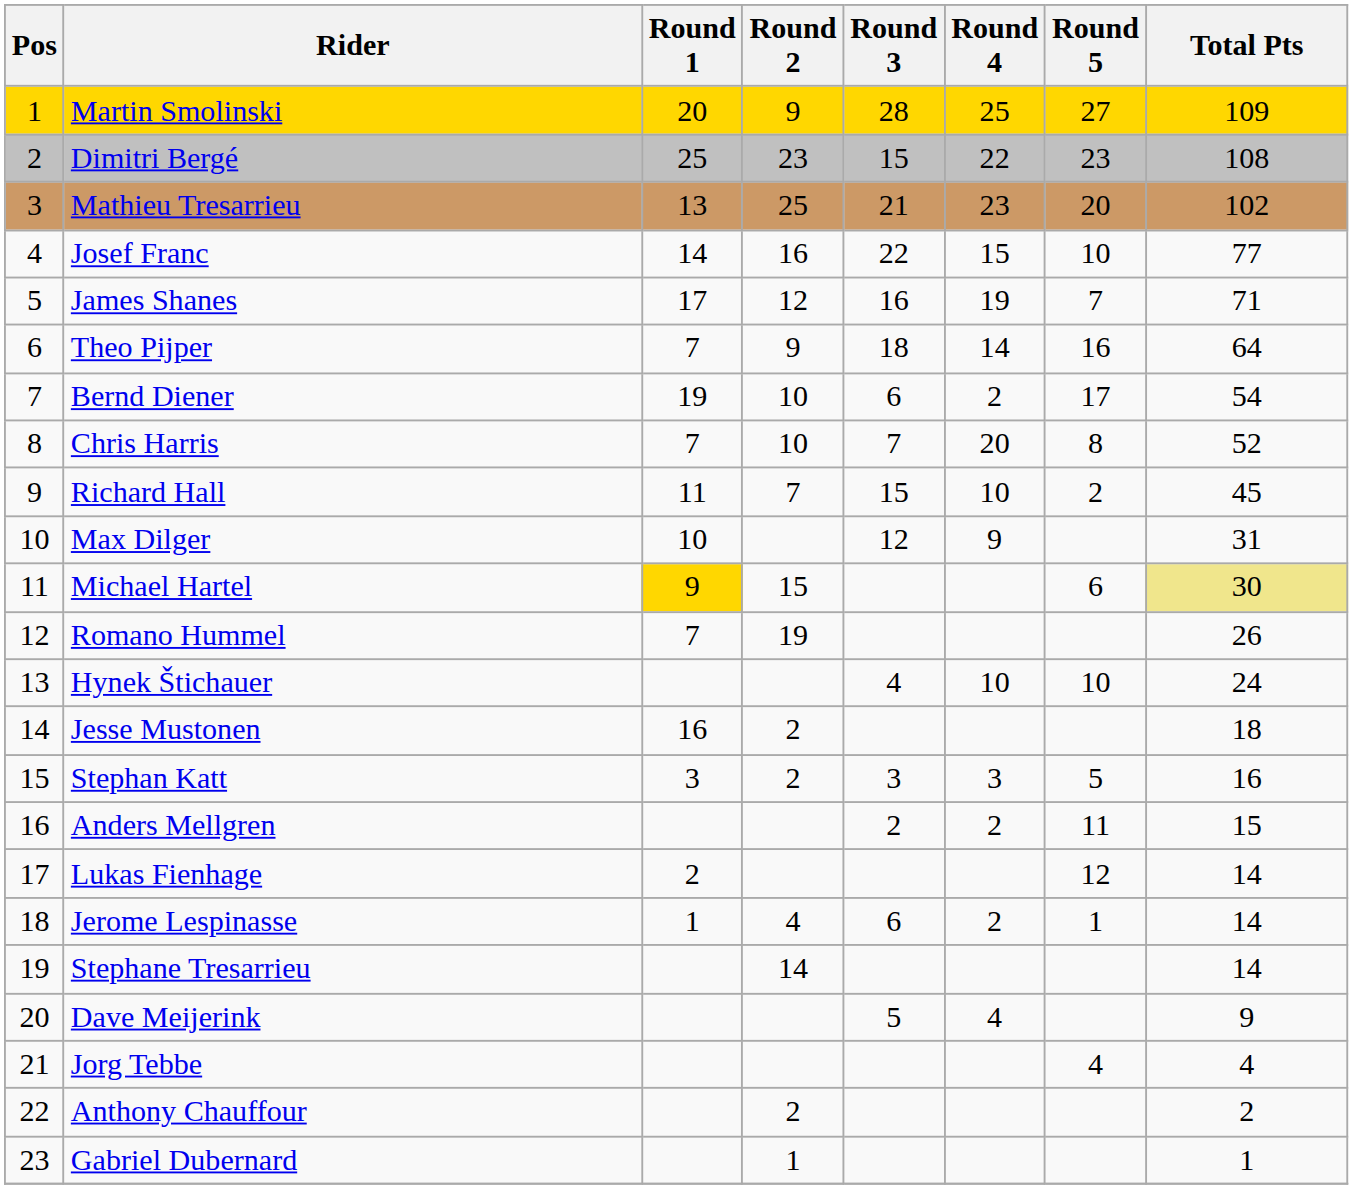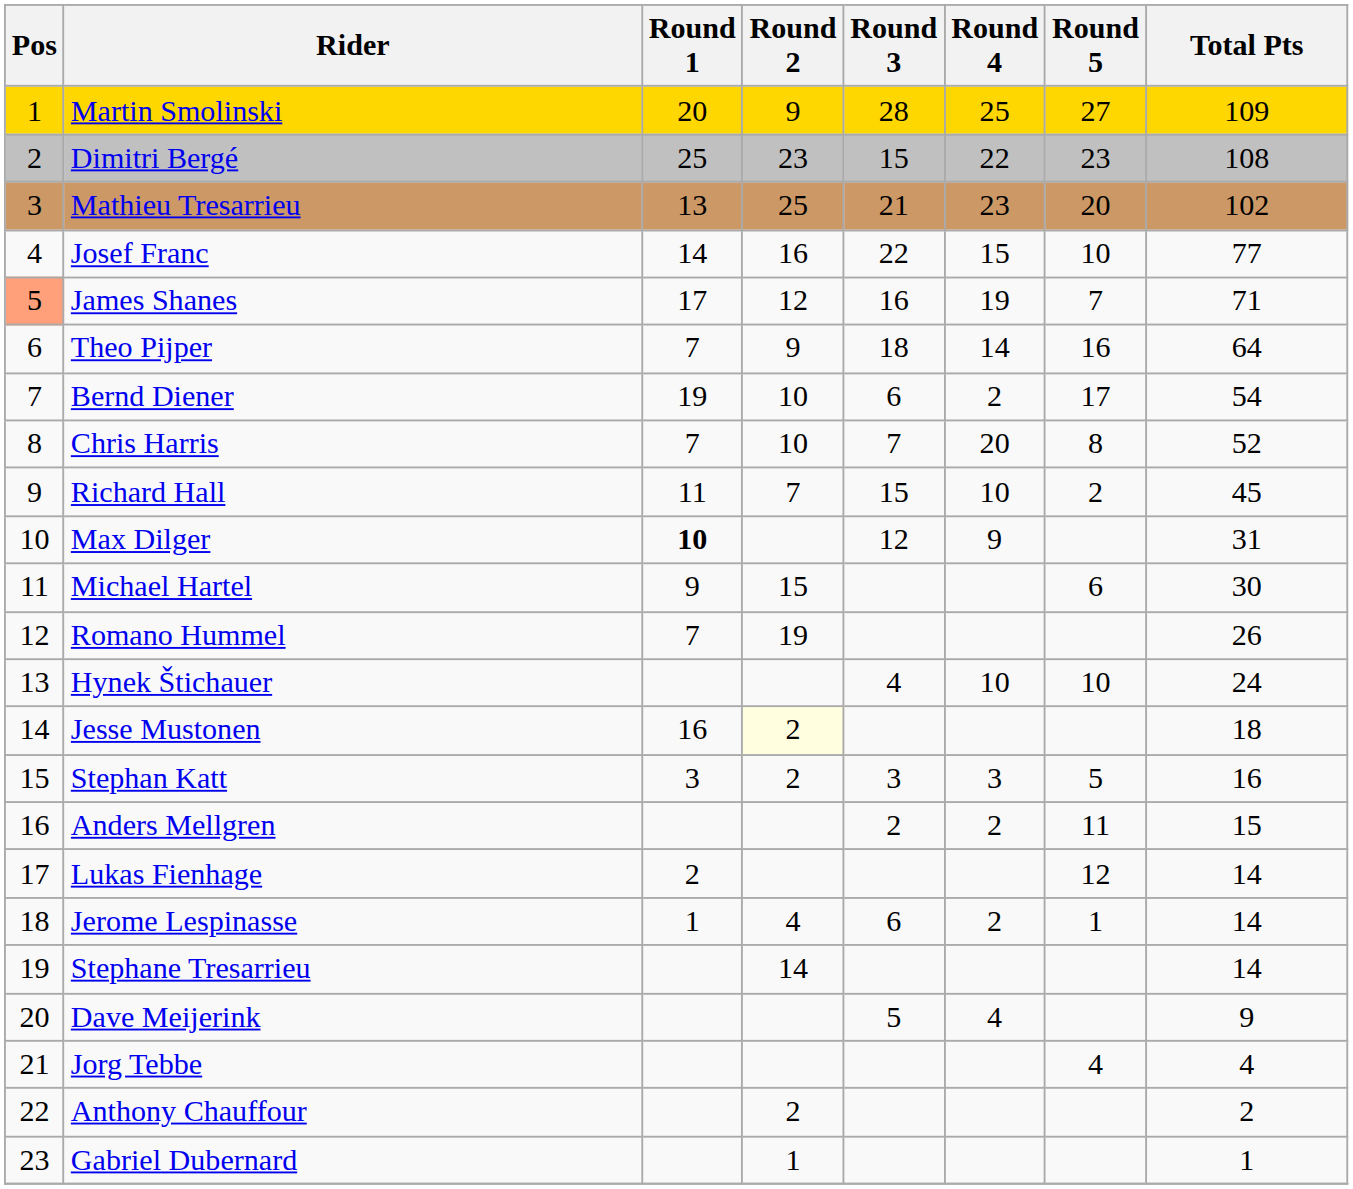 <table class="wikitable" style="font-size: 100%">
 <tr>
 <th width=20>Pos</th>
 <th width=300>Rider</th>
 <th width=40>Round 1</th>
 <th width=40>Round 2</th>
 <th width=40>Round 3</th>
 <th width=40>Round 4</th>
 <th width=40>Round 5</th>
 <th width=100>Total Pts</th>
 </tr>
 <tr align=center style="background-color: gold;">
 <td>1</td>
 <td align="left"> <a href='#'>Martin Smolinski</a></td>
 <td>20</td>
 <td>9</td>
 <td>28</td>
 <td>25</td>
 <td>27</td>
 <td>109</td>
 </tr>
 <tr align=center style="background-color: silver;">
 <td>2</td>
 <td align="left"> <a href='#'>Dimitri Bergé</a></td>
 <td>25</td>
 <td>23</td>
 <td>15</td>
 <td>22</td>
 <td>23</td>
 <td>108</td>
 </tr>
 <tr align=center style="background-color: #cc9966;">
 <td>3</td>
 <td align="left"> <a href='#'>Mathieu Tresarrieu</a></td>
 <td>13</td>
 <td>25</td>
 <td>21</td>
 <td>23</td>
 <td>20</td>
 <td>102</td>
 </tr>
 <tr align=center>
 <td>4</td>
 <td align="left"> <a href='#'>Josef Franc</a></td>
 <td>14</td>
 <td>16</td>
 <td>22</td>
 <td>15</td>
 <td>10</td>
 <td>77</td>
 </tr>
 <tr align=center>
-<td>5</td>
+<td style="background: lightsalmon;">5</td>
 <td align="left"> <a href='#'>James Shanes</a></td>
 <td>17</td>
 <td>12</td>
 <td>16</td>
 <td>19</td>
 <td>7</td>
 <td>71</td>
 </tr>
 <tr align=center>
 <td>6</td>
 <td align="left"> <a href='#'>Theo Pijper</a></td>
 <td>7</td>
 <td>9</td>
 <td>18</td>
 <td>14</td>
 <td>16</td>
 <td>64</td>
 </tr>
 <tr align=center>
 <td>7</td>
 <td align="left"> <a href='#'>Bernd Diener</a></td>
 <td>19</td>
 <td>10</td>
 <td>6</td>
 <td>2</td>
 <td>17</td>
 <td>54</td>
 </tr>
 <tr align=center>
 <td>8</td>
 <td align="left"> <a href='#'>Chris Harris</a></td>
 <td>7</td>
 <td>10</td>
 <td>7</td>
 <td>20</td>
 <td>8</td>
 <td>52</td>
 </tr>
 <tr align=center>
 <td>9</td>
 <td align="left"> <a href='#'>Richard Hall</a></td>
 <td>11</td>
 <td>7</td>
 <td>15</td>
 <td>10</td>
 <td>2</td>
 <td>45</td>
 </tr>
 <tr align=center>
 <td>10</td>
 <td align="left"> <a href='#'>Max Dilger</a></td>
-<td>10</td>
+<td><strong>10</strong></td>
 <td></td>
 <td>12</td>
 <td>9</td>
 <td></td>
 <td>31</td>
 </tr>
 <tr align=center>
 <td>11</td>
 <td align="left"> <a href='#'>Michael Hartel</a></td>
-<td style="background: gold;">9</td>
+<td>9</td>
 <td>15</td>
 <td></td>
 <td></td>
 <td>6</td>
-<td style="background: khaki;">30</td>
+<td>30</td>
 </tr>
 <tr align=center>
 <td>12</td>
 <td align="left"> <a href='#'>Romano Hummel</a></td>
 <td>7</td>
 <td>19</td>
 <td></td>
 <td></td>
 <td></td>
 <td>26</td>
 </tr>
 <tr align=center>
 <td>13</td>
 <td align="left"> <a href='#'>Hynek Štichauer</a></td>
 <td></td>
 <td></td>
 <td>4</td>
 <td>10</td>
 <td>10</td>
 <td>24</td>
 </tr>
 <tr align=center>
 <td>14</td>
 <td align="left"> <a href='#'>Jesse Mustonen</a></td>
 <td>16</td>
-<td>2</td>
+<td style="background: lightyellow;">2</td>
 <td></td>
 <td></td>
 <td></td>
 <td>18</td>
 </tr>
 <tr align=center>
 <td>15</td>
 <td align="left"> <a href='#'>Stephan Katt</a></td>
 <td>3</td>
 <td>2</td>
 <td>3</td>
 <td>3</td>
 <td>5</td>
 <td>16</td>
 </tr>
 <tr align=center>
 <td>16</td>
 <td align="left"> <a href='#'>Anders Mellgren</a></td>
 <td></td>
 <td></td>
 <td>2</td>
 <td>2</td>
 <td>11</td>
 <td>15</td>
 </tr>
 <tr align=center>
 <td>17</td>
 <td align="left"> <a href='#'>Lukas Fienhage</a></td>
 <td>2</td>
 <td></td>
 <td></td>
 <td></td>
 <td>12</td>
 <td>14</td>
 </tr>
 <tr align=center>
 <td>18</td>
 <td align="left"> <a href='#'>Jerome Lespinasse</a></td>
 <td>1</td>
 <td>4</td>
 <td>6</td>
 <td>2</td>
 <td>1</td>
 <td>14</td>
 </tr>
 <tr align=center>
 <td>19</td>
 <td align="left"> <a href='#'>Stephane Tresarrieu</a></td>
 <td></td>
 <td>14</td>
 <td></td>
 <td></td>
 <td></td>
 <td>14</td>
 </tr>
 <tr align=center>
 <td>20</td>
 <td align="left"> <a href='#'>Dave Meijerink</a></td>
 <td></td>
 <td></td>
 <td>5</td>
 <td>4</td>
 <td></td>
 <td>9</td>
 </tr>
 <tr align=center>
 <td>21</td>
 <td align="left"> <a href='#'>Jorg Tebbe</a></td>
 <td></td>
 <td></td>
 <td></td>
 <td></td>
 <td>4</td>
 <td>4</td>
 </tr>
 <tr align=center>
 <td>22</td>
 <td align="left"> <a href='#'>Anthony Chauffour</a></td>
 <td></td>
 <td>2</td>
 <td></td>
 <td></td>
 <td></td>
 <td>2</td>
 </tr>
 <tr align=center>
 <td>23</td>
 <td align="left"> <a href='#'>Gabriel Dubernard</a></td>
 <td></td>
 <td>1</td>
 <td></td>
 <td></td>
 <td></td>
 <td>1</td>
 </tr>
 <tr align=center>
 </tr>
 </table>
